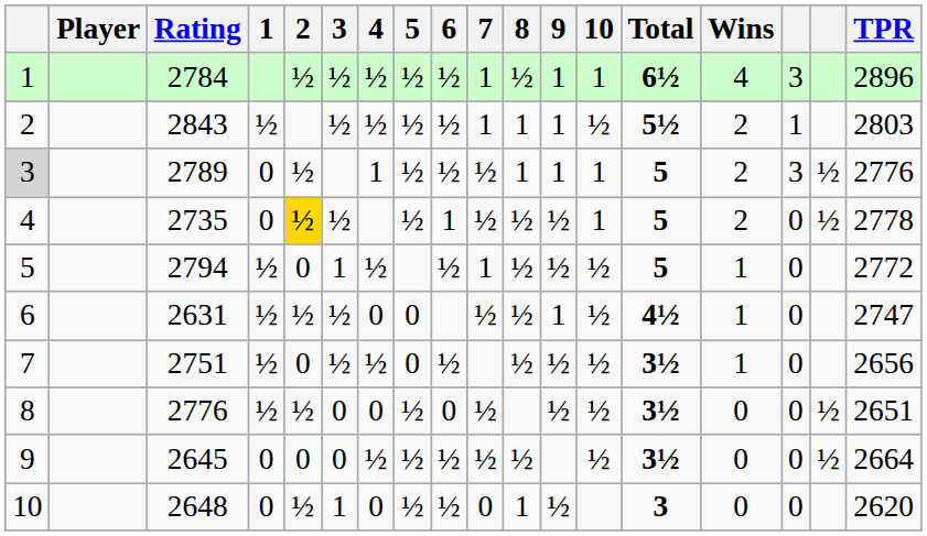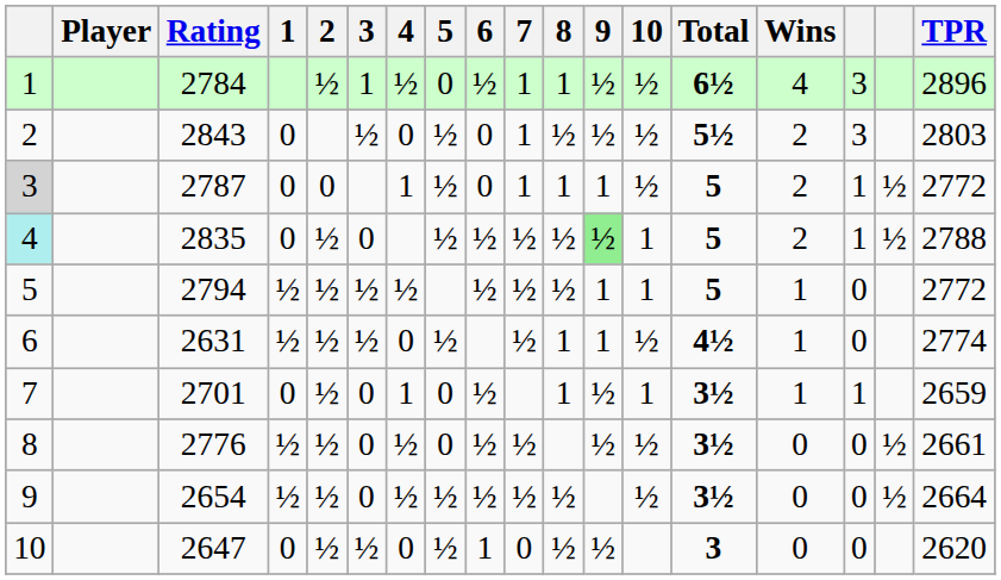 <table class="wikitable" style="text-align: center;">
 <tr>
 <th></th>
 <th>Player</th>
 <th><a href='#'>Rating</a></th>
 <th>1</th>
 <th>2</th>
 <th>3</th>
 <th>4</th>
 <th>5</th>
 <th>6</th>
 <th>7</th>
 <th>8</th>
 <th>9</th>
 <th>10</th>
 <th>Total</th>
 <th>Wins</th>
 <th></th>
 <th></th>
 <th><a href='#'>TPR</a></th>
 </tr>
 <tr style="background:#cfc;">
 <td>1</td>
 <td align=left></td>
 <td>2784</td>
 <td></td>
 <td>½</td>
+<td>1</td>
 <td>½</td>
-<td>½</td>
-<td>½</td>
-<td>½</td>
-<td>1</td>
+<td>0</td>
 <td>½</td>
 <td>1</td>
 <td>1</td>
+<td>½</td>
+<td>½</td>
 <td><strong>6½</strong></td>
 <td>4</td>
 <td>3</td>
 <td></td>
 <td>2896</td>
 </tr>
 <tr>
 <td>2</td>
 <td align=left></td>
 <td>2843</td>
+<td>0</td>
+<td></td>
 <td>½</td>
-<td></td>
+<td>0</td>
+<td>½</td>
+<td>0</td>
+<td>1</td>
 <td>½</td>
 <td>½</td>
 <td>½</td>
-<td>½</td>
-<td>1</td>
-<td>1</td>
-<td>1</td>
-<td>½</td>
 <td><strong>5½</strong></td>
 <td>2</td>
-<td>1</td>
+<td>3</td>
 <td></td>
 <td>2803</td>
 </tr>
 <tr>
 <td style="background: lightgrey;">3</td>
 <td align=left></td>
-<td>2789</td>
+<td>2787</td>
 <td>0</td>
-<td>½</td>
+<td>0</td>
 <td></td>
 <td>1</td>
 <td>½</td>
-<td>½</td>
-<td>½</td>
+<td>0</td>
 <td>1</td>
 <td>1</td>
 <td>1</td>
+<td>½</td>
 <td><strong>5</strong></td>
 <td>2</td>
-<td>3</td>
+<td>1</td>
 <td>½</td>
-<td>2776</td>
+<td>2772</td>
 </tr>
 <tr>
-<td>4</td>
+<td style="background: paleturquoise;">4</td>
 <td align=left></td>
-<td>2735</td>
+<td>2835</td>
 <td>0</td>
-<td style="background: gold;">½</td>
 <td>½</td>
+<td>0</td>
 <td></td>
-<td>½</td>
-<td>1</td>
 <td>½</td>
 <td>½</td>
 <td>½</td>
+<td>½</td>
+<td style="background: lightgreen;">½</td>
 <td>1</td>
 <td><strong>5</strong></td>
 <td>2</td>
-<td>0</td>
+<td>1</td>
 <td>½</td>
-<td>2778</td>
+<td>2788</td>
 </tr>
 <tr>
 <td>5</td>
 <td align=left></td>
 <td>2794</td>
 <td>½</td>
-<td>0</td>
-<td>1</td>
+<td>½</td>
+<td>½</td>
 <td>½</td>
 <td></td>
 <td>½</td>
-<td>1</td>
 <td>½</td>
 <td>½</td>
-<td>½</td>
+<td>1</td>
+<td>1</td>
 <td><strong>5</strong></td>
 <td>1</td>
 <td>0</td>
 <td></td>
 <td>2772</td>
 </tr>
 <tr>
 <td>6</td>
 <td align=left></td>
 <td>2631</td>
 <td>½</td>
 <td>½</td>
 <td>½</td>
 <td>0</td>
-<td>0</td>
+<td>½</td>
 <td></td>
 <td>½</td>
-<td>½</td>
+<td>1</td>
 <td>1</td>
 <td>½</td>
 <td><strong>4½</strong></td>
 <td>1</td>
 <td>0</td>
 <td></td>
-<td>2747</td>
+<td>2774</td>
 </tr>
 <tr>
 <td>7</td>
 <td align=left></td>
-<td>2751</td>
+<td>2701</td>
+<td>0</td>
 <td>½</td>
 <td>0</td>
-<td>½</td>
-<td>½</td>
+<td>1</td>
 <td>0</td>
 <td>½</td>
 <td></td>
+<td>1</td>
 <td>½</td>
-<td>½</td>
-<td>½</td>
+<td>1</td>
 <td><strong>3½</strong></td>
 <td>1</td>
-<td>0</td>
+<td>1</td>
 <td></td>
-<td>2656</td>
+<td>2659</td>
 </tr>
 <tr>
 <td>8</td>
 <td align=left></td>
 <td>2776</td>
 <td>½</td>
 <td>½</td>
 <td>0</td>
+<td>½</td>
 <td>0</td>
 <td>½</td>
-<td>0</td>
 <td>½</td>
 <td></td>
 <td>½</td>
 <td>½</td>
 <td><strong>3½</strong></td>
 <td>0</td>
 <td>0</td>
 <td>½</td>
-<td>2651</td>
+<td>2661</td>
 </tr>
 <tr>
 <td>9</td>
 <td align=left></td>
-<td>2645</td>
-<td>0</td>
-<td>0</td>
+<td>2654</td>
+<td>½</td>
+<td>½</td>
 <td>0</td>
 <td>½</td>
 <td>½</td>
 <td>½</td>
 <td>½</td>
 <td>½</td>
 <td></td>
 <td>½</td>
 <td><strong>3½</strong></td>
 <td>0</td>
 <td>0</td>
 <td>½</td>
 <td>2664</td>
 </tr>
 <tr>
 <td>10</td>
 <td align=left></td>
-<td>2648</td>
+<td>2647</td>
+<td>0</td>
+<td>½</td>
+<td>½</td>
 <td>0</td>
 <td>½</td>
 <td>1</td>
 <td>0</td>
 <td>½</td>
-<td>½</td>
-<td>0</td>
-<td>1</td>
 <td>½</td>
 <td></td>
 <td><strong>3</strong></td>
 <td>0</td>
 <td>0</td>
 <td></td>
 <td>2620</td>
 </tr>
 </table>
